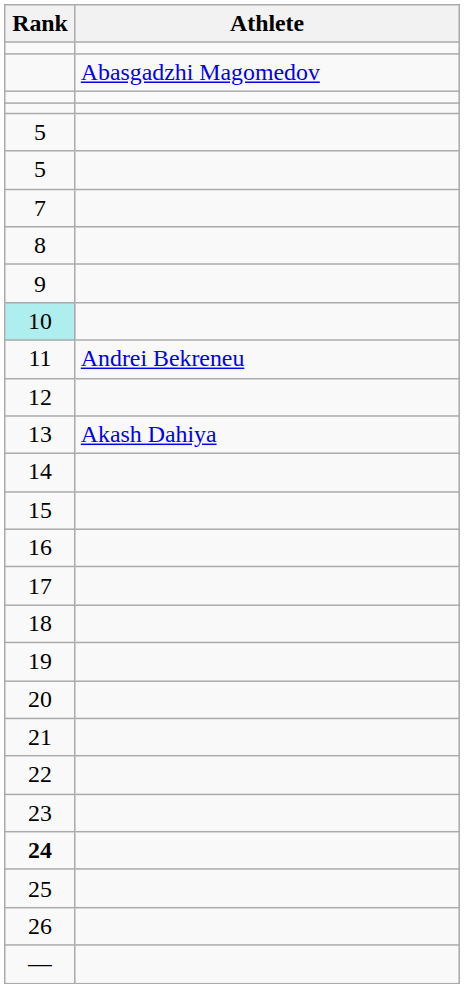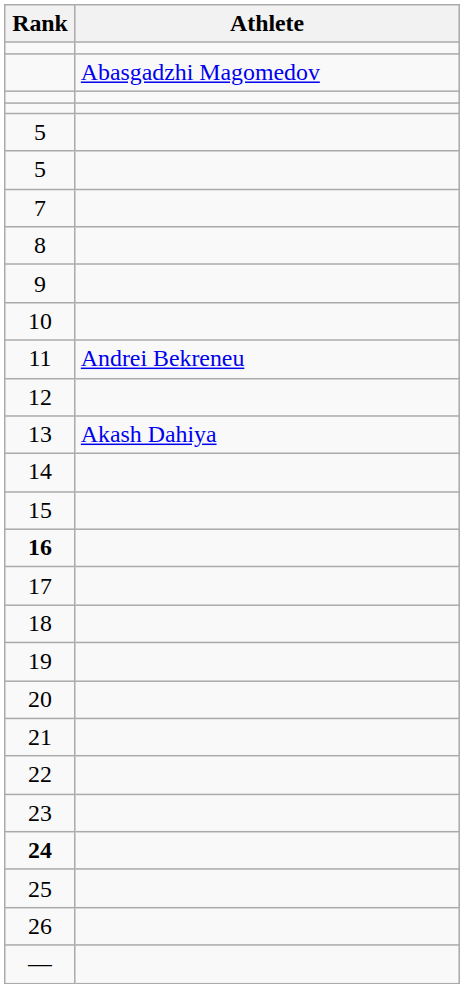 <table class="wikitable" style="text-align: center;">
 <tr>
 <th width=40>Rank</th>
 <th width=250>Athlete</th>
 </tr>
 <tr>
 <td></td>
 <td align="left"></td>
 </tr>
 <tr>
 <td></td>
 <td align="left"> <a href='#'>Abasgadzhi Magomedov</a> </td>
 </tr>
 <tr>
 <td></td>
 <td align="left"></td>
 </tr>
 <tr>
 <td></td>
 <td align="left"></td>
 </tr>
 <tr>
 <td>5</td>
 <td align="left"></td>
 </tr>
 <tr>
 <td>5</td>
 <td align="left"></td>
 </tr>
 <tr>
 <td>7</td>
 <td align="left"></td>
 </tr>
 <tr>
 <td>8</td>
 <td align="left"></td>
 </tr>
 <tr>
 <td>9</td>
 <td align="left"></td>
 </tr>
 <tr>
-<td style="background: paleturquoise;">10</td>
+<td>10</td>
 <td align="left"></td>
 </tr>
 <tr>
 <td>11</td>
 <td align="left"> <a href='#'>Andrei Bekreneu</a> </td>
 </tr>
 <tr>
 <td>12</td>
 <td align="left"></td>
 </tr>
 <tr>
 <td>13</td>
 <td align="left"> <a href='#'>Akash Dahiya</a> </td>
 </tr>
 <tr>
 <td>14</td>
 <td align="left"></td>
 </tr>
 <tr>
 <td>15</td>
 <td align="left"></td>
 </tr>
 <tr>
-<td>16</td>
+<td><strong>16</strong></td>
 <td align="left"></td>
 </tr>
 <tr>
 <td>17</td>
 <td align="left"></td>
 </tr>
 <tr>
 <td>18</td>
 <td align="left"></td>
 </tr>
 <tr>
 <td>19</td>
 <td align="left"></td>
 </tr>
 <tr>
 <td>20</td>
 <td align="left"></td>
 </tr>
 <tr>
 <td>21</td>
 <td align="left"></td>
 </tr>
 <tr>
 <td>22</td>
 <td align="left"></td>
 </tr>
 <tr>
 <td>23</td>
 <td align="left"></td>
 </tr>
 <tr>
 <td><strong>24</strong></td>
 <td align="left"></td>
 </tr>
 <tr>
 <td>25</td>
 <td align="left"></td>
 </tr>
 <tr>
 <td>26</td>
 <td align="left"></td>
 </tr>
 <tr>
 <td>—</td>
 <td align="left"></td>
 </tr>
 </table>
